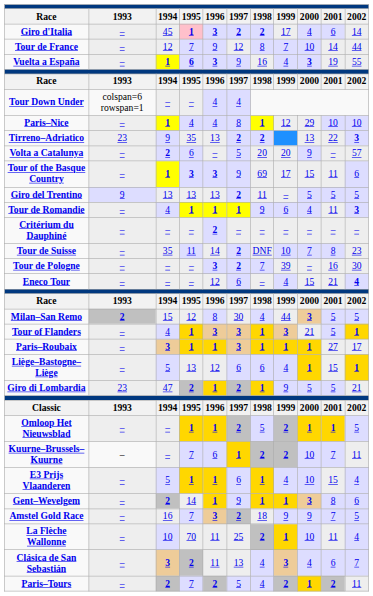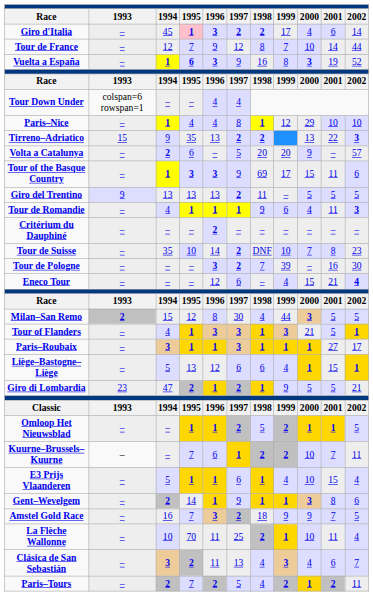 <table class="wikitable">
 <tr style="background:#eee;">
 <td style="background:#00387F;" colspan=12></td>
 </tr>
 <tr>
 <th>Race</th>
 <th>1993</th>
 <th>1994</th>
 <th>1995</th>
 <th>1996</th>
 <th>1997</th>
 <th>1998</th>
 <th>1999</th>
 <th>2000</th>
 <th>2001</th>
 <th>2002</th>
 </tr>
 <tr align="center">
 <td style="text-align:center;"><strong><a href='#'>Giro d'Italia</a></strong></td>
 <td style="background:#eee;"><a href='#'>–</a></td>
 <td style="background:#eee;"><a href='#'>45</a></td>
 <td style="background:pink;"><a href='#'><strong>1</strong></a></td>
 <td style="background:#ddf;"><a href='#'><strong>3</strong></a></td>
 <td style="background:#ddf;"><a href='#'><strong>2</strong></a></td>
 <td style="background:#ddf;"><a href='#'><strong>2</strong></a></td>
 <td style="background:#eee;"><a href='#'>17</a></td>
 <td style="background:#ddf;"><a href='#'>4</a></td>
 <td style="background:#ddf;"><a href='#'>6</a></td>
 <td style="background:#eee;"><a href='#'>14</a></td>
 </tr>
 <tr align="center">
 <td style="text-align:center;"><strong><a href='#'>Tour de France</a></strong></td>
 <td style="background:#eee;"><a href='#'>–</a></td>
 <td style="background:#eee;"><a href='#'>12</a></td>
 <td style="background:#ddf;"><a href='#'>7</a></td>
 <td style="background:#ddf;"><a href='#'>9</a></td>
 <td style="background:#eee;"><a href='#'>12</a></td>
 <td style="background:#ddf;"><a href='#'>8</a></td>
 <td style="background:#ddf;"><a href='#'>7</a></td>
 <td style="background:#ddf;"><a href='#'>10</a></td>
 <td style="background:#eee;"><a href='#'>14</a></td>
 <td style="background:#eee;"><a href='#'>44</a></td>
 </tr>
 <tr align="center">
 <td style="text-align:center;"><strong><a href='#'>Vuelta a España</a></strong></td>
 <td style="background:#eee;"><a href='#'>–</a></td>
 <td style="background:yellow;"><a href='#'><strong>1</strong></a></td>
 <td style="background:#ddf;"><a href='#'><strong>6</strong></a></td>
 <td style="background:#ddf;"><a href='#'><strong>3</strong></a></td>
 <td style="background:#ddf;"><a href='#'>9</a></td>
 <td style="background:#eee;"><a href='#'>16</a></td>
-<td style="background:#ddf;"><a href='#'>4</a></td>
+<td style="background:#ddf;"><a href='#'>8</a></td>
 <td style="background:#ddf;"><a href='#'><strong>3</strong></a></td>
 <td style="background:#eee;"><a href='#'>19</a></td>
-<td style="background:#eee;"><a href='#'>55</a></td>
+<td style="background:#eee;"><a href='#'>52</a></td>
 </tr>
 <tr>
 <td style="background:#00387F;" colspan=20></td>
 </tr>
 <tr>
 <th>Race</th>
 <th>1993</th>
 <th>1994</th>
 <th>1995</th>
 <th>1996</th>
 <th>1997</th>
 <th>1998</th>
 <th>1999</th>
 <th>2000</th>
 <th>2001</th>
 <th>2002</th>
 </tr>
 <tr align="center">
 <td style="text-align:center;"><strong><a href='#'>Tour Down Under</a></strong></td>
 <td>colspan=6 rowspan=1 </td>
 <td style="background:#eee;"><a href='#'>–</a></td>
 <td style="background:#eee;"><a href='#'>–</a></td>
 <td style="background:#ddf;"><a href='#'>4</a></td>
 <td style="background:#ddf;"><a href='#'>4</a></td>
 </tr>
 <tr align="center">
 <td style="text-align:center;"><strong><a href='#'>Paris–Nice</a></strong></td>
 <td style="background:#eee;"><a href='#'>–</a></td>
 <td style="background:yellow;"><a href='#'><strong>1</strong></a></td>
 <td style="background:#ddf;"><a href='#'>4</a></td>
 <td style="background:#ddf;"><a href='#'>4</a></td>
 <td style="background:#ddf;"><a href='#'>8</a></td>
 <td style="background:yellow;"><a href='#'><strong>1</strong></a></td>
 <td style="background:#eee;"><a href='#'>12</a></td>
 <td style="background:#eee;"><a href='#'>29</a></td>
 <td style="background:#ddf;"><a href='#'>10</a></td>
 <td style="background:#ddf;"><a href='#'>10</a></td>
 </tr>
 <tr align="center">
 <td style="text-align:center;"><strong><a href='#'>Tirreno–Adriatico</a></strong></td>
-<td style="background:#eee;"><a href='#'>23</a></td>
+<td style="background:#eee;"><a href='#'>15</a></td>
 <td style="background:#ddf;"><a href='#'>9</a></td>
 <td style="background:#eee;"><a href='#'>35</a></td>
 <td style="background:#eee;"><a href='#'>13</a></td>
 <td style="background:#ddf;"><a href='#'><strong>2</strong></a></td>
 <td style="background:#ddf;"><a href='#'><strong>2</strong></a></td>
 <td style="background:dodgerblue;"></td>
 <td style="background:#eee;"><a href='#'>13</a></td>
 <td style="background:#eee;"><a href='#'>22</a></td>
 <td style="background:#ddf;"><a href='#'><strong>3</strong></a></td>
 </tr>
 <tr align="center">
 <td style="text-align:center;"><strong><a href='#'>Volta a Catalunya</a></strong></td>
 <td style="background:#eee;"><a href='#'>–</a></td>
 <td style="background:#ddf;"><a href='#'><strong>2</strong></a></td>
 <td style="background:#ddf;"><a href='#'>6</a></td>
 <td style="background:#eee;"><a href='#'>–</a></td>
 <td style="background:#ddf;"><a href='#'>5</a></td>
 <td style="background:#eee;"><a href='#'>20</a></td>
 <td style="background:#eee;"><a href='#'>20</a></td>
 <td style="background:#ddf;"><a href='#'>9</a></td>
 <td style="background:#eee;"><a href='#'>–</a></td>
 <td style="background:#eee;"><a href='#'>57</a></td>
 </tr>
 <tr align="center">
 <td style="text-align:center;"><strong><a href='#'>Tour of the Basque Country</a></strong></td>
 <td style="background:#eee;"><a href='#'>–</a></td>
 <td style="background:yellow;"><a href='#'><strong>1</strong></a></td>
 <td style="background:#ddf;"><a href='#'><strong>3</strong></a></td>
 <td style="background:#ddf;"><a href='#'><strong>3</strong></a></td>
 <td style="background:#ddf;"><a href='#'>9</a></td>
 <td style="background:#eee;"><a href='#'>69</a></td>
 <td style="background:#eee;"><a href='#'>17</a></td>
 <td style="background:#eee;"><a href='#'>15</a></td>
 <td style="background:#eee;"><a href='#'>11</a></td>
 <td style="background:#ddf;"><a href='#'>6</a></td>
 </tr>
 <tr align="center">
 <td style="text-align:center;"><strong><a href='#'>Giro del Trentino</a></strong></td>
 <td style="background:#ddf;"><a href='#'>9</a></td>
 <td style="background:#eee;"><a href='#'>13</a></td>
 <td style="background:#eee;"><a href='#'>13</a></td>
 <td style="background:#eee;"><a href='#'>13</a></td>
 <td style="background:#ddf;"><a href='#'><strong>2</strong></a></td>
 <td style="background:#eee;"><a href='#'>11</a></td>
 <td style="background:#eee;"><a href='#'>–</a></td>
 <td style="background:#ddf;"><a href='#'>5</a></td>
 <td style="background:#ddf;"><a href='#'>5</a></td>
 <td style="background:#ddf;"><a href='#'>5</a></td>
 </tr>
 <tr align="center">
 <td style="text-align:center;"><strong><a href='#'>Tour de Romandie</a></strong></td>
 <td style="background:#eee;"><a href='#'>–</a></td>
 <td style="background:#ddf;"><a href='#'>4</a></td>
 <td style="background:yellow;"><a href='#'><strong>1</strong></a></td>
 <td style="background:yellow;"><a href='#'><strong>1</strong></a></td>
 <td style="background:yellow;"><a href='#'><strong>1</strong></a></td>
 <td style="background:#ddf;"><a href='#'>9</a></td>
 <td style="background:#ddf;"><a href='#'>6</a></td>
 <td style="background:#ddf;"><a href='#'>4</a></td>
 <td style="background:#eee;"><a href='#'>11</a></td>
 <td style="background:#ddf;"><a href='#'><strong>3</strong></a></td>
 </tr>
 <tr align="center">
 <td style="text-align:center;"><strong><a href='#'>Critérium du Dauphiné</a></strong></td>
 <td style="background:#eee;"><a href='#'>–</a></td>
 <td style="background:#eee;"><a href='#'>–</a></td>
 <td style="background:#eee;"><a href='#'>–</a></td>
 <td style="background:#ddf;"><a href='#'><strong>2</strong></a></td>
 <td style="background:#eee;"><a href='#'>–</a></td>
 <td style="background:#eee;"><a href='#'>–</a></td>
 <td style="background:#eee;"><a href='#'>–</a></td>
 <td style="background:#eee;"><a href='#'>–</a></td>
 <td style="background:#eee;"><a href='#'>–</a></td>
 <td style="background:#eee;"><a href='#'>–</a></td>
 </tr>
 <tr align="center">
 <td style="text-align:center;"><strong><a href='#'>Tour de Suisse</a></strong></td>
 <td style="background:#eee;"><a href='#'>–</a></td>
 <td style="background:#eee;"><a href='#'>35</a></td>
-<td style="background:#ddf;"><a href='#'>11</a></td>
+<td style="background:#ddf;"><a href='#'>10</a></td>
 <td style="background:#eee;"><a href='#'>14</a></td>
 <td style="background:#ddf;"><a href='#'><strong>2</strong></a></td>
 <td style="background:#eee;"><a href='#'>DNF</a></td>
 <td style="background:#ddf;"><a href='#'>10</a></td>
 <td style="background:#ddf;"><a href='#'>7</a></td>
 <td style="background:#ddf;"><a href='#'>8</a></td>
 <td style="background:#eee;"><a href='#'>23</a></td>
 </tr>
 <tr align="center">
 <td style="text-align:center;"><strong><a href='#'>Tour de Pologne</a></strong></td>
 <td style="background:#eee;"><a href='#'>–</a></td>
 <td style="background:#eee;"><a href='#'>–</a></td>
 <td style="background:#eee;"><a href='#'>–</a></td>
 <td style="background:#ddf;"><a href='#'><strong>3</strong></a></td>
 <td style="background:#ddf;"><a href='#'><strong>2</strong></a></td>
 <td style="background:#ddf;"><a href='#'>7</a></td>
 <td style="background:#eee;"><a href='#'>39</a></td>
 <td style="background:#eee;"><a href='#'>–</a></td>
 <td style="background:#eee;"><a href='#'>16</a></td>
 <td style="background:#eee;"><a href='#'>30</a></td>
 </tr>
 <tr align="center">
 <td style="text-align:center;"><strong><a href='#'>Eneco Tour</a></strong></td>
 <td style="background:#eee;"><a href='#'>–</a></td>
 <td style="background:#eee;"><a href='#'>–</a></td>
 <td style="background:#eee;"><a href='#'>–</a></td>
 <td style="background:#eee;"><a href='#'>12</a></td>
 <td style="background:#ddf;"><a href='#'>6</a></td>
 <td style="background:#eee;"><a href='#'>–</a></td>
 <td style="background:#ddf;"><a href='#'>4</a></td>
 <td style="background:#eee;"><a href='#'>15</a></td>
 <td style="background:#eee;"><a href='#'>21</a></td>
 <td style="background:#ddf;"><strong><a href='#'>4</a></strong></td>
 </tr>
 <tr>
 <td style="background:#00387F;" colspan=20></td>
 </tr>
 <tr>
 <th>Race</th>
 <th>1993</th>
 <th>1994</th>
 <th>1995</th>
 <th>1996</th>
 <th>1997</th>
 <th>1998</th>
 <th>1999</th>
 <th>2000</th>
 <th>2001</th>
 <th>2002</th>
 </tr>
 <tr align="center">
 <td style="text-align:center;"><strong><a href='#'>Milan–San Remo</a></strong></td>
 <td style="background:silver;"><a href='#'><strong>2</strong></a></td>
 <td style="background:#eee;"><a href='#'>15</a></td>
 <td style="background:#eee;"><a href='#'>12</a></td>
 <td style="background:#ddf;"><a href='#'>8</a></td>
 <td style="background:#eee;"><a href='#'>30</a></td>
 <td style="background:#ddf;"><a href='#'>4</a></td>
 <td style="background:#eee;"><a href='#'>44</a></td>
 <td style="background:#ec9;"><a href='#'><strong>3</strong></a></td>
 <td style="background:#ddf;"><a href='#'>5</a></td>
 <td style="background:#ddf;"><a href='#'>5</a></td>
 </tr>
 <tr align="center">
 <td style="text-align:center;"><strong><a href='#'>Tour of Flanders</a></strong></td>
 <td style="background:#eee;"><a href='#'>–</a></td>
 <td style="background:#ddf;"><a href='#'>4</a></td>
 <td style="background:gold;"><a href='#'><strong>1</strong></a></td>
 <td style="background:#ec9;"><a href='#'><strong>3</strong></a></td>
 <td style="background:#ec9;"><a href='#'><strong>3</strong></a></td>
 <td style="background:gold;"><a href='#'><strong>1</strong></a></td>
 <td style="background:#ec9;"><a href='#'><strong>3</strong></a></td>
 <td style="background:#eee;"><a href='#'>21</a></td>
 <td style="background:#ddf;"><a href='#'>5</a></td>
 <td style="background:gold;"><a href='#'><strong>1</strong></a></td>
 </tr>
 <tr align="center">
 <td style="text-align:center;"><strong><a href='#'>Paris–Roubaix</a></strong></td>
 <td style="background:#eee;"><a href='#'>–</a></td>
 <td style="background:#ec9;"><a href='#'><strong>3</strong></a></td>
 <td style="background:gold;"><a href='#'><strong>1</strong></a></td>
 <td style="background:gold;"><a href='#'><strong>1</strong></a></td>
 <td style="background:#ec9;"><a href='#'><strong>3</strong></a></td>
 <td style="background:gold;"><a href='#'><strong>1</strong></a></td>
 <td style="background:gold;"><a href='#'><strong>1</strong></a></td>
 <td style="background:gold;"><a href='#'><strong>1</strong></a></td>
 <td style="background:#eee;"><a href='#'>27</a></td>
 <td style="background:#eee;"><a href='#'>17</a></td>
 </tr>
 <tr align="center">
 <td style="text-align:center;"><strong><a href='#'>Liège–Bastogne–Liège</a></strong></td>
 <td style="background:#eee;"><a href='#'>–</a></td>
 <td style="background:#ddf;"><a href='#'>5</a></td>
 <td style="background:#eee;"><a href='#'>13</a></td>
 <td style="background:#eee;"><a href='#'>12</a></td>
 <td style="background:#ddf;"><a href='#'>6</a></td>
 <td style="background:#ddf;"><a href='#'>6</a></td>
 <td style="background:#ddf;"><a href='#'>4</a></td>
 <td style="background:gold;"><a href='#'><strong>1</strong></a></td>
 <td style="background:#eee;"><a href='#'>15</a></td>
 <td style="background:gold;"><a href='#'><strong>1</strong></a></td>
 </tr>
 <tr align="center">
 <td style="text-align:center;"><strong><a href='#'>Giro di Lombardia</a></strong></td>
 <td style="background:#eee;"><a href='#'>23</a></td>
 <td style="background:#eee;"><a href='#'>47</a></td>
 <td style="background:silver;"><a href='#'><strong>2</strong></a></td>
 <td style="background:gold;"><a href='#'><strong>1</strong></a></td>
 <td style="background:silver;"><a href='#'><strong>2</strong></a></td>
 <td style="background:gold;"><a href='#'><strong>1</strong></a></td>
 <td style="background:#ddf;"><a href='#'>9</a></td>
 <td style="background:#ddf;"><a href='#'>5</a></td>
 <td style="background:#ddf;"><a href='#'>5</a></td>
 <td style="background:#eee;"><a href='#'>21</a></td>
 </tr>
 <tr>
 <td style="background:#00387F;" colspan=20></td>
 </tr>
 <tr>
 <th>Classic</th>
 <th>1993</th>
 <th>1994</th>
 <th>1995</th>
 <th>1996</th>
 <th>1997</th>
 <th>1998</th>
 <th>1999</th>
 <th>2000</th>
 <th>2001</th>
 <th>2002</th>
 </tr>
 <tr align="center">
 <td style="text-align:center;"><strong><a href='#'>Omloop Het Nieuwsblad</a></strong></td>
 <td style="background:#eee;"><a href='#'>–</a></td>
 <td style="background:#eee;"><a href='#'>–</a></td>
 <td style="background:gold;"><a href='#'><strong>1</strong></a></td>
 <td style="background:gold;"><a href='#'><strong>1</strong></a></td>
 <td style="background:silver;"><a href='#'><strong>2</strong></a></td>
 <td style="background:#ddf;"><a href='#'>5</a></td>
 <td style="background:silver;"><a href='#'><strong>2</strong></a></td>
 <td style="background:gold;"><a href='#'><strong>1</strong></a></td>
 <td style="background:gold;"><a href='#'><strong>1</strong></a></td>
 <td style="background:#ddf;"><a href='#'>5</a></td>
 </tr>
 <tr align="center">
 <td style="text-align:center;"><strong><a href='#'>Kuurne–Brussels–Kuurne</a></strong></td>
 <td>–</td>
 <td style="background:#eee;"><a href='#'>–</a></td>
 <td style="background:#ddf;"><a href='#'>7</a></td>
 <td style="background:#ddf;"><a href='#'>6</a></td>
 <td style="background:gold;"><a href='#'><strong>1</strong></a></td>
 <td style="background:silver;"><a href='#'><strong>2</strong></a></td>
 <td style="background:silver;"><a href='#'><strong>2</strong></a></td>
 <td style="background:#ddf;"><a href='#'>10</a></td>
 <td style="background:#ddf;"><a href='#'>7</a></td>
 <td style="background:#eee;"><a href='#'>11</a></td>
 </tr>
 <tr align="center">
 <td style="text-align:center;"><strong><a href='#'>E3 Prijs Vlaanderen</a></strong></td>
 <td style="background:#eee;"><a href='#'>–</a></td>
 <td style="background:#ddf;"><a href='#'>5</a></td>
 <td style="background:gold;"><a href='#'><strong>1</strong></a></td>
 <td style="background:gold;"><a href='#'><strong>1</strong></a></td>
 <td style="background:#ddf;"><a href='#'>6</a></td>
 <td style="background:gold;"><a href='#'><strong>1</strong></a></td>
 <td style="background:#ddf;"><a href='#'>4</a></td>
 <td style="background:#ddf;"><a href='#'>10</a></td>
 <td style="background:#eee;"><a href='#'>15</a></td>
 <td style="background:#ddf;"><a href='#'>4</a></td>
 </tr>
 <tr align="center">
 <td style="text-align:center;"><strong><a href='#'>Gent–Wevelgem</a></strong></td>
 <td style="background:#eee;"><a href='#'>–</a></td>
 <td style="background:silver;"><a href='#'><strong>2</strong></a></td>
 <td style="background:#eee;"><a href='#'>14</a></td>
 <td style="background:gold;"><a href='#'><strong>1</strong></a></td>
 <td style="background:#ddf;"><a href='#'>9</a></td>
 <td style="background:gold;"><a href='#'><strong>1</strong></a></td>
 <td style="background:gold;"><a href='#'><strong>1</strong></a></td>
 <td style="background:#ec9;"><a href='#'><strong>3</strong></a></td>
 <td style="background:#ddf;"><a href='#'>8</a></td>
 <td style="background:#ddf;"><a href='#'>6</a></td>
 </tr>
 <tr align="center">
 <td style="text-align:center;"><strong><a href='#'>Amstel Gold Race</a></strong></td>
 <td style="background:#eee;"><a href='#'>–</a></td>
 <td style="background:#eee;"><a href='#'>16</a></td>
 <td style="background:#ddf;"><a href='#'>7</a></td>
 <td style="background:#ec9;"><a href='#'><strong>3</strong></a></td>
 <td style="background:silver;"><a href='#'><strong>2</strong></a></td>
 <td style="background:#eee;"><a href='#'>18</a></td>
 <td style="background:#ddf;"><a href='#'>9</a></td>
 <td style="background:#ddf;"><a href='#'>9</a></td>
 <td style="background:#ddf;"><a href='#'>7</a></td>
 <td style="background:#ddf;"><a href='#'>5</a></td>
 </tr>
 <tr align="center">
 <td style="text-align:center;"><strong><a href='#'>La Flèche Wallonne</a></strong></td>
 <td style="background:#eee;"><a href='#'>–</a></td>
 <td style="background:#ddf;"><a href='#'>10</a></td>
 <td style="background:#eee;"><a href='#'>70</a></td>
 <td style="background:#eee;"><a href='#'>11</a></td>
 <td style="background:#eee;"><a href='#'>25</a></td>
 <td style="background:silver;"><a href='#'><strong>2</strong></a></td>
 <td style="background:gold;"><a href='#'><strong>1</strong></a></td>
 <td style="background:#ddf;"><a href='#'>10</a></td>
 <td style="background:#eee;"><a href='#'>11</a></td>
 <td style="background:#ddf;"><a href='#'>4</a></td>
 </tr>
 <tr align="center">
 <td style="text-align:center;"><strong><a href='#'>Clásica de San Sebastián</a></strong></td>
 <td style="background:#eee;"><a href='#'>–</a></td>
 <td style="background:#ec9;"><a href='#'><strong>3</strong></a></td>
 <td style="background:silver;"><a href='#'><strong>2</strong></a></td>
 <td style="background:#eee;"><a href='#'>11</a></td>
 <td style="background:#eee;"><a href='#'>13</a></td>
 <td style="background:#ddf;"><a href='#'>4</a></td>
 <td style="background:#ec9;"><a href='#'><strong>3</strong></a></td>
 <td style="background:#ddf;"><a href='#'>4</a></td>
 <td style="background:#ddf;"><a href='#'>6</a></td>
 <td style="background:#ddf;"><a href='#'>7</a></td>
 </tr>
 <tr align="center">
 <td style="text-align:center;"><strong><a href='#'>Paris–Tours</a></strong></td>
 <td style="background:#eee;"><a href='#'>–</a></td>
 <td style="background:silver;"><a href='#'><strong>2</strong></a></td>
 <td style="background:#ddf;"><a href='#'>7</a></td>
 <td style="background:silver;"><a href='#'><strong>2</strong></a></td>
 <td style="background:#ddf;"><a href='#'>5</a></td>
 <td style="background:#ddf;"><a href='#'>4</a></td>
 <td style="background:silver;"><a href='#'><strong>2</strong></a></td>
 <td style="background:gold;"><a href='#'><strong>1</strong></a></td>
 <td style="background:silver;"><a href='#'><strong>2</strong></a></td>
 <td style="background:#eee;"><a href='#'>11</a></td>
 </tr>
 </table>
